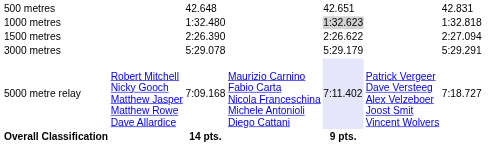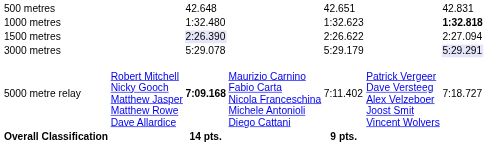 <table>
 <tr>
 <td>500 metres</td>
 <td></td>
 <td>42.648</td>
 <td></td>
 <td>42.651</td>
 <td></td>
 <td>42.831</td>
 </tr>
 <tr>
 <td>1000 metres</td>
 <td></td>
 <td>1:32.480</td>
 <td></td>
-<td style="background: lightgrey;">1:32.623</td>
+<td>1:32.623</td>
 <td></td>
-<td>1:32.818</td>
+<td><strong>1:32.818</strong></td>
 </tr>
 <tr>
 <td>1500 metres</td>
 <td></td>
-<td>2:26.390</td>
+<td style="background: lavender;">2:26.390</td>
 <td></td>
 <td>2:26.622</td>
 <td></td>
 <td>2:27.094</td>
 </tr>
 <tr>
 <td>3000 metres</td>
 <td></td>
 <td>5:29.078</td>
 <td></td>
 <td>5:29.179</td>
 <td></td>
-<td>5:29.291</td>
+<td style="background: lavender;">5:29.291</td>
 </tr>
 <tr>
 <td>5000 metre relay</td>
 <td valign=top><br><a href='#'>Robert Mitchell</a><br><a href='#'>Nicky Gooch</a><br><a href='#'>Matthew Jasper</a><br><a href='#'>Matthew Rowe</a><br><a href='#'>Dave Allardice</a></td>
-<td>7:09.168</td>
+<td><strong>7:09.168</strong></td>
 <td valign=top><br><a href='#'>Maurizio Carnino</a><br><a href='#'>Fabio Carta</a><br><a href='#'>Nicola Franceschina</a><br><a href='#'>Michele Antonioli</a><br><a href='#'>Diego Cattani</a></td>
-<td style="background: lavender;">7:11.402</td>
+<td>7:11.402</td>
 <td valign=top><br><a href='#'>Patrick Vergeer</a><br><a href='#'>Dave Versteeg</a><br><a href='#'>Alex Velzeboer</a><br><a href='#'>Joost Smit</a><br><a href='#'>Vincent Wolvers</a></td>
 <td>7:18.727</td>
 </tr>
 <tr>
 <th>Overall Classification</th>
 <th></th>
 <th>14 pts.</th>
 <th><br></th>
 <th>9 pts.</th>
 <th></th>
 <th></th>
 </tr>
 </table>
